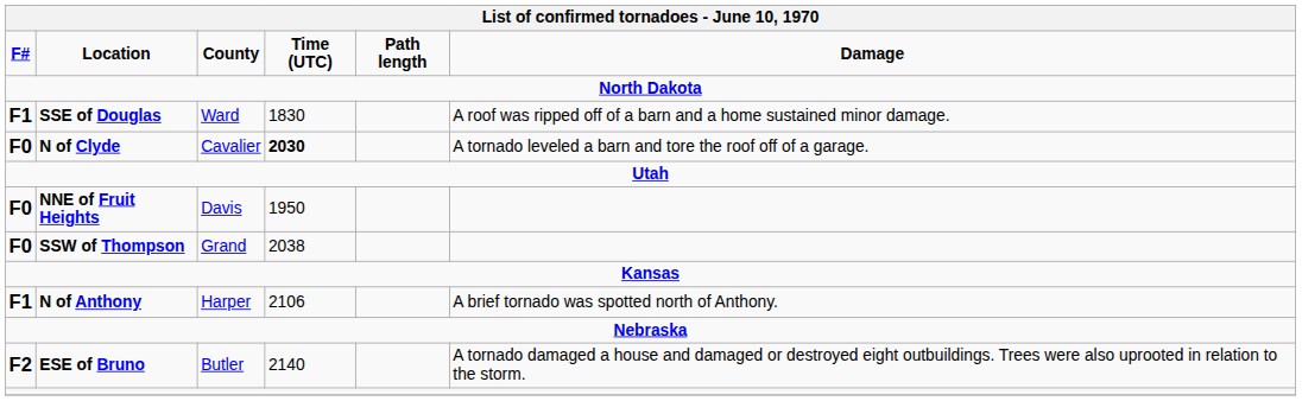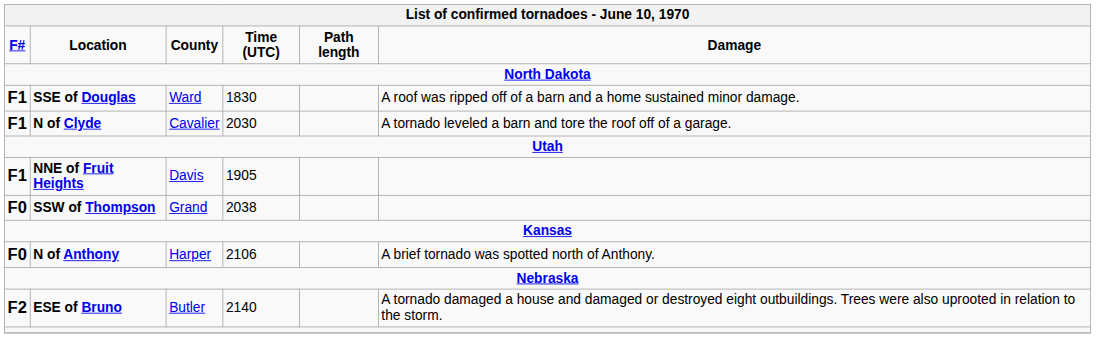 <table class="wikitable toccolours collapsible" width="100%">
 <tr>
 <th colspan="6">List of confirmed tornadoes - June 10, 1970</th>
 </tr>
 <tr style="text-align:center;">
 <td><strong><a href='#'>F#</a></strong></td>
 <td><strong>Location</strong></td>
 <td><strong>County</strong></td>
 <td><strong>Time (UTC)</strong></td>
 <td><strong>Path length</strong></td>
 <td><strong>Damage</strong></td>
 </tr>
 <tr>
 <td colspan="7" style="text-align:center;"><strong><a href='#'>North Dakota</a></strong></td>
 </tr>
 <tr>
 <td><big><strong>F1</strong></big></td>
 <td><strong>SSE of <a href='#'>Douglas</a></strong></td>
 <td><a href='#'>Ward</a></td>
 <td>1830</td>
 <td></td>
 <td>A roof was ripped off of a barn and a home sustained minor damage.</td>
 </tr>
 <tr>
-<td><big><strong>F0</strong></big></td>
+<td><big><strong>F1</strong></big></td>
 <td><strong>N of <a href='#'>Clyde</a></strong></td>
 <td><a href='#'>Cavalier</a></td>
-<td><strong>2030</strong></td>
+<td>2030</td>
 <td></td>
 <td>A tornado leveled a barn and tore the roof off of a garage.</td>
 </tr>
 <tr>
 <td colspan="7" align="center"><strong><a href='#'>Utah</a></strong></td>
 </tr>
 <tr>
-<td><big><strong>F0</strong></big></td>
+<td><big><strong>F1</strong></big></td>
 <td><strong>NNE of <a href='#'>Fruit Heights</a></strong></td>
 <td><a href='#'>Davis</a></td>
-<td>1950</td>
+<td>1905</td>
 <td></td>
 <td></td>
 </tr>
 <tr>
 <td><big><strong>F0</strong></big></td>
 <td><strong>SSW of <a href='#'>Thompson</a></strong></td>
 <td><a href='#'>Grand</a></td>
 <td>2038</td>
 <td></td>
 <td></td>
 </tr>
 <tr>
 <td colspan="7" align="center"><strong><a href='#'>Kansas</a></strong></td>
 </tr>
 <tr>
-<td><big><strong>F1</strong></big></td>
+<td><big><strong>F0</strong></big></td>
 <td><strong>N of <a href='#'>Anthony</a></strong></td>
 <td><a href='#'>Harper</a></td>
 <td>2106</td>
 <td></td>
 <td>A brief tornado was spotted north of Anthony.</td>
 </tr>
 <tr>
 <td colspan="7" align="center"><strong><a href='#'>Nebraska</a></strong></td>
 </tr>
 <tr>
 <td><big><strong>F2</strong></big></td>
 <td><strong>ESE of <a href='#'>Bruno</a></strong></td>
 <td><a href='#'>Butler</a></td>
 <td>2140</td>
 <td></td>
 <td>A tornado damaged a house and damaged or destroyed eight outbuildings. Trees were also uprooted in relation to the storm.</td>
 </tr>
 <tr>
 <td colspan="7" align="center"><small></small></td>
 </tr>
 <tr>
 </tr>
 </table>
